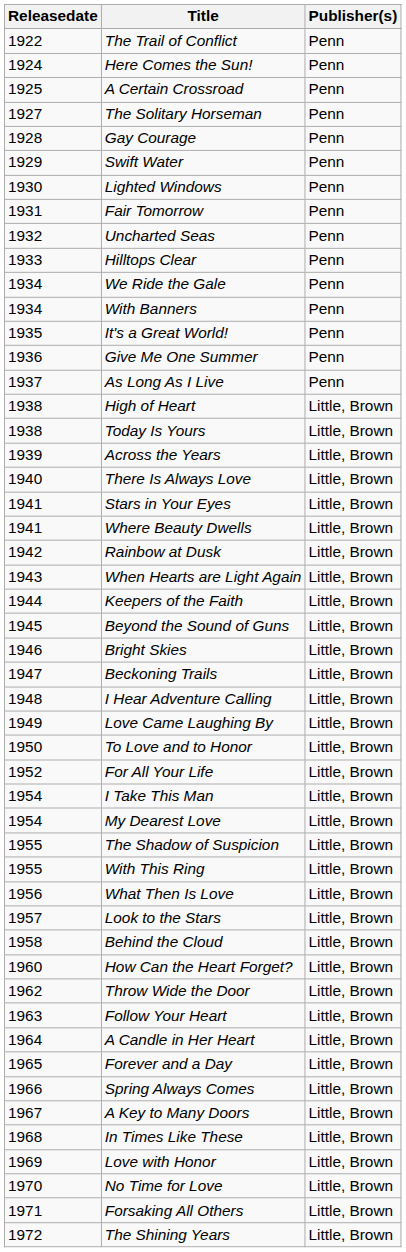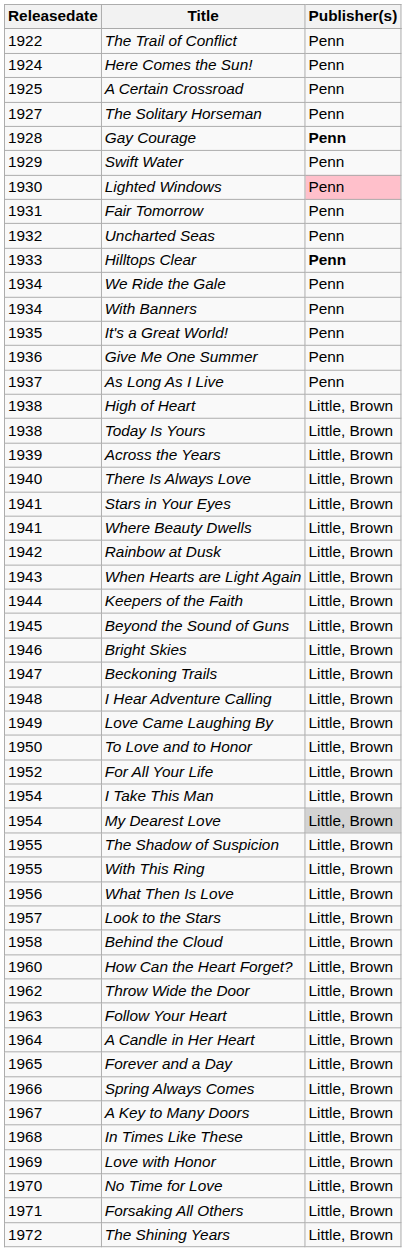 <table class="wikitable sortable">
 <tr>
 <th>Releasedate</th>
 <th>Title</th>
 <th>Publisher(s)</th>
 </tr>
 <tr>
 </tr>
 <tr>
 <td>1922</td>
 <td><em>The Trail of Conflict</em></td>
 <td>Penn</td>
 </tr>
 <tr>
 <td>1924</td>
 <td><em>Here Comes the Sun!</em></td>
 <td>Penn</td>
 </tr>
 <tr>
 <td>1925</td>
 <td><em>A Certain Crossroad</em></td>
 <td>Penn</td>
 </tr>
 <tr>
 <td>1927</td>
 <td><em>The Solitary Horseman</em></td>
 <td>Penn</td>
 </tr>
 <tr>
 <td>1928</td>
 <td><em>Gay Courage</em></td>
-<td>Penn</td>
+<td><strong>Penn</strong></td>
 </tr>
 <tr>
 <td>1929</td>
 <td><em>Swift Water</em></td>
 <td>Penn</td>
 </tr>
 <tr>
 <td>1930</td>
 <td><em>Lighted Windows</em></td>
-<td>Penn</td>
+<td style="background: pink;">Penn</td>
 </tr>
 <tr>
 <td>1931</td>
 <td><em>Fair Tomorrow</em></td>
 <td>Penn</td>
 </tr>
 <tr>
 <td>1932</td>
 <td><em>Uncharted Seas</em></td>
 <td>Penn</td>
 </tr>
 <tr>
 <td>1933</td>
 <td><em>Hilltops Clear</em></td>
-<td>Penn</td>
+<td><strong>Penn</strong></td>
 </tr>
 <tr>
 <td>1934</td>
 <td><em>We Ride the Gale</em></td>
 <td>Penn</td>
 </tr>
 <tr>
 <td>1934</td>
 <td><em>With Banners</em></td>
 <td>Penn</td>
 </tr>
 <tr>
 <td>1935</td>
 <td><em>It's a Great World!</em></td>
 <td>Penn</td>
 </tr>
 <tr>
 <td>1936</td>
 <td><em>Give Me One Summer</em></td>
 <td>Penn</td>
 </tr>
 <tr>
 <td>1937</td>
 <td><em>As Long As I Live</em></td>
 <td>Penn</td>
 </tr>
 <tr>
 <td>1938</td>
 <td><em>High of Heart</em></td>
 <td>Little, Brown</td>
 </tr>
 <tr>
 <td>1938</td>
 <td><em>Today Is Yours</em></td>
 <td>Little, Brown</td>
 </tr>
 <tr>
 <td>1939</td>
 <td><em>Across the Years</em></td>
 <td>Little, Brown</td>
 </tr>
 <tr>
 <td>1940</td>
 <td><em>There Is Always Love</em></td>
 <td>Little, Brown</td>
 </tr>
 <tr>
 <td>1941</td>
 <td><em>Stars in Your Eyes</em></td>
 <td>Little, Brown</td>
 </tr>
 <tr>
 <td>1941</td>
 <td><em>Where Beauty Dwells</em></td>
 <td>Little, Brown</td>
 </tr>
 <tr>
 <td>1942</td>
 <td><em>Rainbow at Dusk</em></td>
 <td>Little, Brown</td>
 </tr>
 <tr>
 <td>1943</td>
 <td><em>When Hearts are Light Again</em></td>
 <td>Little, Brown</td>
 </tr>
 <tr>
 <td>1944</td>
 <td><em>Keepers of the Faith</em></td>
 <td>Little, Brown</td>
 </tr>
 <tr>
 <td>1945</td>
 <td><em>Beyond the Sound of Guns</em></td>
 <td>Little, Brown</td>
 </tr>
 <tr>
 <td>1946</td>
 <td><em>Bright Skies</em></td>
 <td>Little, Brown</td>
 </tr>
 <tr>
 <td>1947</td>
 <td><em>Beckoning Trails</em></td>
 <td>Little, Brown</td>
 </tr>
 <tr>
 <td>1948</td>
 <td><em>I Hear Adventure Calling</em></td>
 <td>Little, Brown</td>
 </tr>
 <tr>
 <td>1949</td>
 <td><em>Love Came Laughing By</em></td>
 <td>Little, Brown</td>
 </tr>
 <tr>
 <td>1950</td>
 <td><em>To Love and to Honor</em></td>
 <td>Little, Brown</td>
 </tr>
 <tr>
 <td>1952</td>
 <td><em>For All Your Life</em></td>
 <td>Little, Brown</td>
 </tr>
 <tr>
 <td>1954</td>
 <td><em>I Take This Man</em></td>
 <td>Little, Brown</td>
 </tr>
 <tr>
 <td>1954</td>
 <td><em>My Dearest Love</em></td>
-<td>Little, Brown</td>
+<td style="background: lightgrey;">Little, Brown</td>
 </tr>
 <tr>
 <td>1955</td>
 <td><em>The Shadow of Suspicion</em></td>
 <td>Little, Brown</td>
 </tr>
 <tr>
 <td>1955</td>
 <td><em>With This Ring</em></td>
 <td>Little, Brown</td>
 </tr>
 <tr>
 <td>1956</td>
 <td><em>What Then Is Love</em></td>
 <td>Little, Brown</td>
 </tr>
 <tr>
 <td>1957</td>
 <td><em>Look to the Stars</em></td>
 <td>Little, Brown</td>
 </tr>
 <tr>
 <td>1958</td>
 <td><em>Behind the Cloud</em></td>
 <td>Little, Brown</td>
 </tr>
 <tr>
 <td>1960</td>
 <td><em>How Can the Heart Forget?</em></td>
 <td>Little, Brown</td>
 </tr>
 <tr>
 <td>1962</td>
 <td><em>Throw Wide the Door</em></td>
 <td>Little, Brown</td>
 </tr>
 <tr>
 <td>1963</td>
 <td><em>Follow Your Heart</em></td>
 <td>Little, Brown</td>
 </tr>
 <tr>
 <td>1964</td>
 <td><em>A Candle in Her Heart</em></td>
 <td>Little, Brown</td>
 </tr>
 <tr>
 <td>1965</td>
 <td><em>Forever and a Day</em></td>
 <td>Little, Brown</td>
 </tr>
 <tr>
 <td>1966</td>
 <td><em>Spring Always Comes</em></td>
 <td>Little, Brown</td>
 </tr>
 <tr>
 <td>1967</td>
 <td><em>A Key to Many Doors</em></td>
 <td>Little, Brown</td>
 </tr>
 <tr>
 <td>1968</td>
 <td><em>In Times Like These</em></td>
 <td>Little, Brown</td>
 </tr>
 <tr>
 <td>1969</td>
 <td><em>Love with Honor</em></td>
 <td>Little, Brown</td>
 </tr>
 <tr>
 <td>1970</td>
 <td><em>No Time for Love</em></td>
 <td>Little, Brown</td>
 </tr>
 <tr>
 <td>1971</td>
 <td><em>Forsaking All Others</em></td>
 <td>Little, Brown</td>
 </tr>
 <tr>
 <td>1972</td>
 <td><em>The Shining Years</em></td>
 <td>Little, Brown</td>
 </tr>
 </table>
